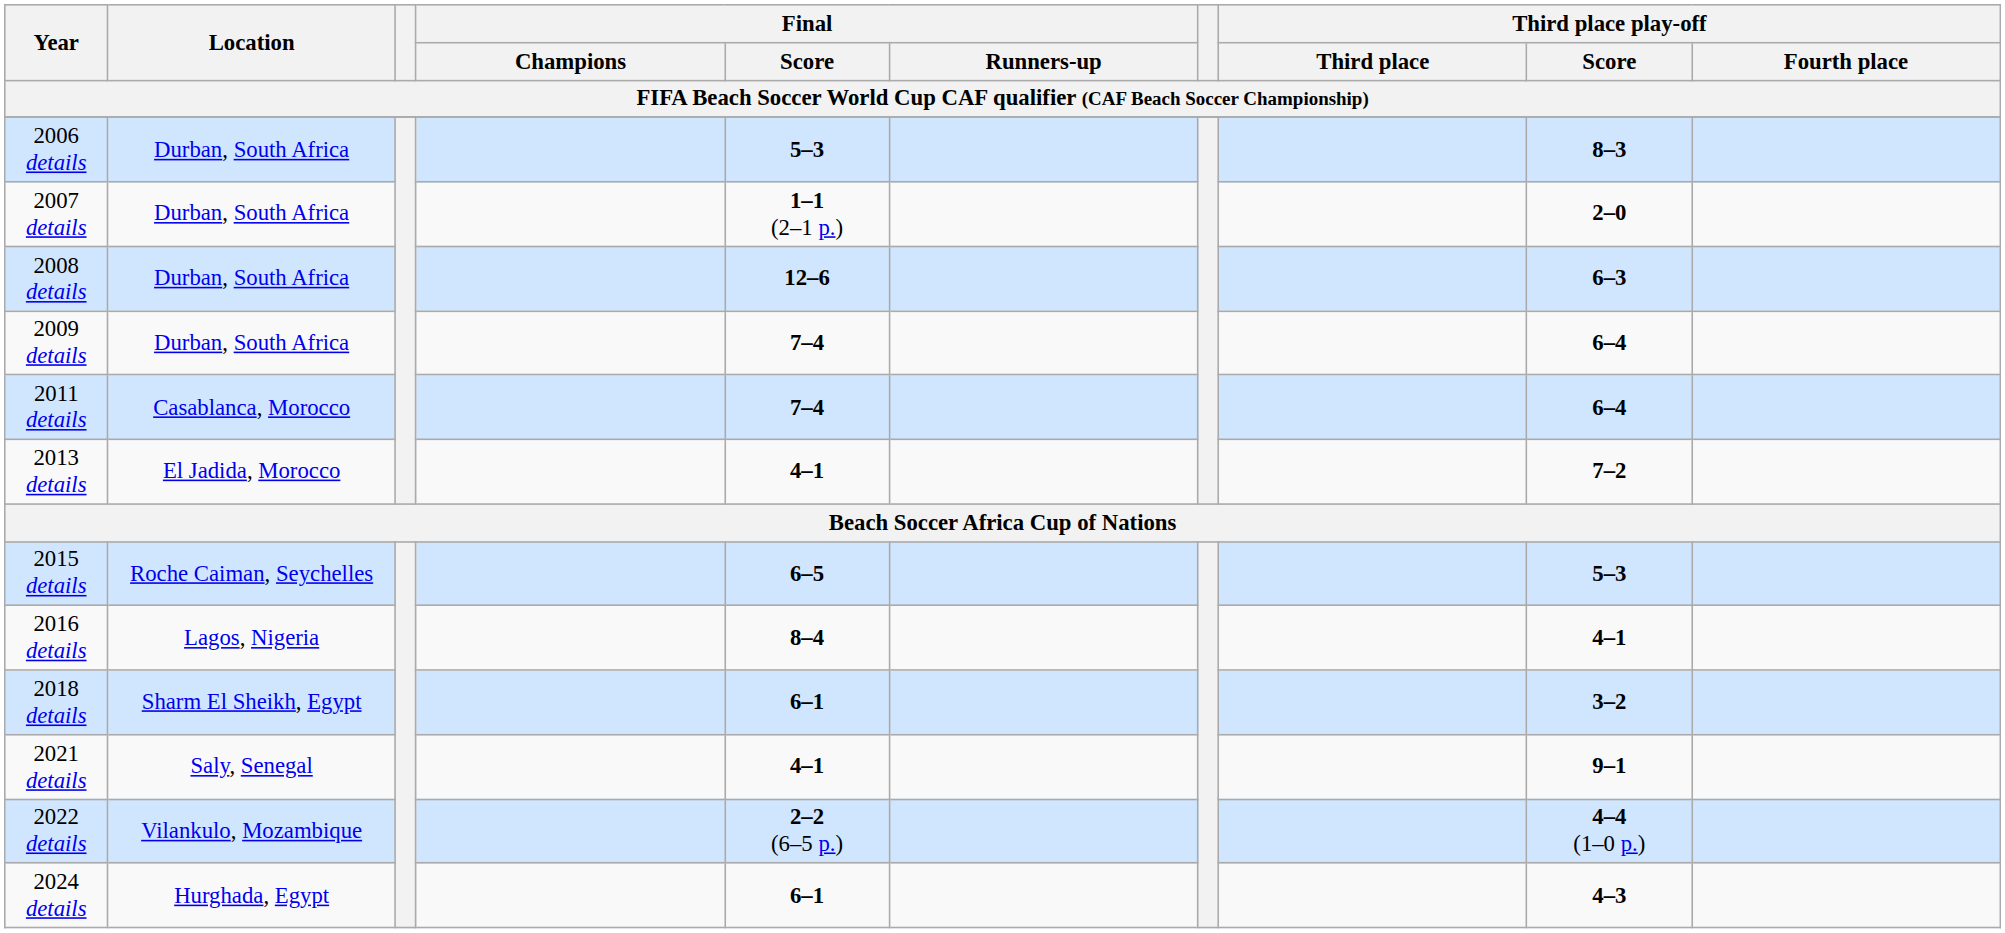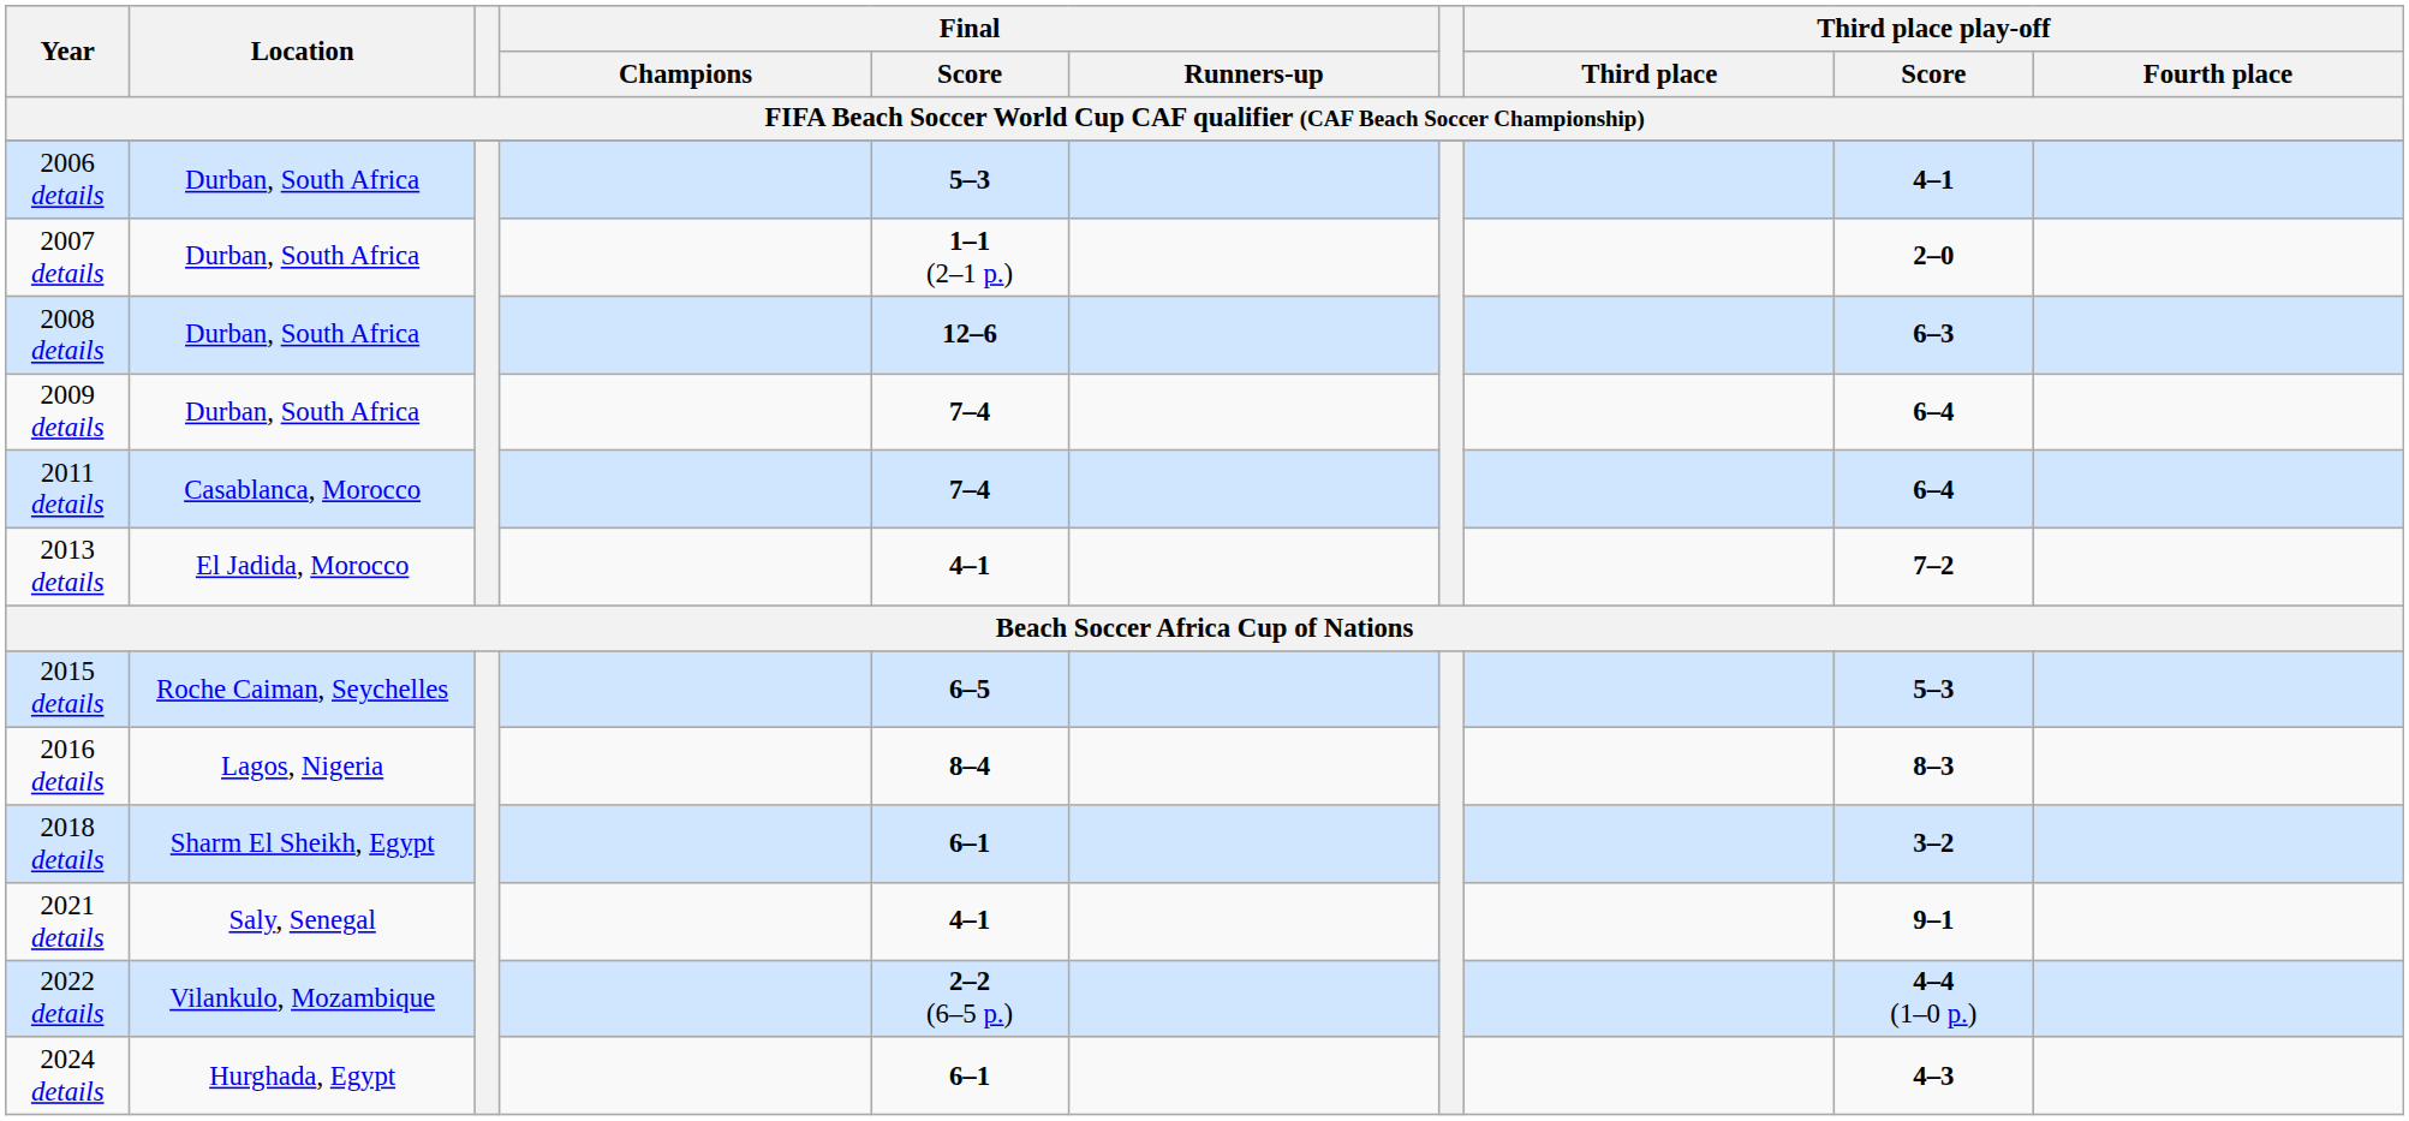 <table class="wikitable" style="font-size: 90%; text-align: center; width: 100%;">
 <tr>
 <th rowspan=2 width="5%">Year</th>
 <th rowspan=2 width="14%">Location</th>
 <th width = 1% rowspan=2></th>
 <th colspan=3>Final</th>
 <th width = 1% rowspan=2></th>
 <th colspan=3>Third place play-off</th>
 </tr>
 <tr>
 <th width="15%">Champions</th>
 <th width="8%">Score</th>
 <th width="15%">Runners-up</th>
 <th width="15%">Third place</th>
 <th width="8%">Score</th>
 <th width="15%">Fourth place</th>
 </tr>
 <tr>
 <th colspan=10>FIFA Beach Soccer World Cup CAF qualifier <small>(CAF Beach Soccer Championship)</small></th>
 </tr>
 <tr>
 </tr>
 <tr style="background:#d0e6ff;">
 <td>2006<br><em><a href='#'>details</a></em></td>
 <td> <a href='#'>Durban</a>, <a href='#'>South Africa</a></td>
 <th width = 1% rowspan=6></th>
 <td><strong></strong></td>
 <td><strong>5–3</strong></td>
 <td></td>
 <th width = 1% rowspan=6></th>
 <td></td>
-<td><strong>8–3</strong></td>
+<td><strong>4–1</strong></td>
 <td></td>
 </tr>
 <tr>
 <td>2007<br><em><a href='#'>details</a></em></td>
 <td> <a href='#'>Durban</a>, <a href='#'>South Africa</a></td>
 <td><strong></strong></td>
 <td><strong>1–1 </strong><br>(2–1 <a href='#'>p.</a>)</td>
 <td></td>
 <td></td>
 <td><strong>2–0</strong></td>
 <td></td>
 </tr>
 <tr style="background:#d0e6ff;">
 <td>2008<br><em><a href='#'>details</a></em></td>
 <td> <a href='#'>Durban</a>, <a href='#'>South Africa</a></td>
 <td><strong></strong></td>
 <td><strong>12–6</strong></td>
 <td></td>
 <td></td>
 <td><strong>6–3</strong></td>
 <td></td>
 </tr>
 <tr>
 <td>2009<br><em><a href='#'>details</a></em></td>
 <td> <a href='#'>Durban</a>, <a href='#'>South Africa</a></td>
 <td><strong></strong></td>
 <td><strong>7–4</strong></td>
 <td></td>
 <td></td>
 <td><strong>6–4</strong></td>
 <td></td>
 </tr>
 <tr style="background:#d0e6ff;">
 <td>2011<br><em><a href='#'>details</a></em></td>
 <td> <a href='#'>Casablanca</a>, <a href='#'>Morocco</a></td>
 <td><strong></strong></td>
 <td><strong>7–4</strong></td>
 <td></td>
 <td></td>
 <td><strong>6–4</strong></td>
 <td></td>
 </tr>
 <tr>
 <td>2013<br><em><a href='#'>details</a></em></td>
 <td> <a href='#'>El Jadida</a>, <a href='#'>Morocco</a></td>
 <td><strong></strong></td>
 <td><strong>4–1</strong></td>
 <td></td>
 <td></td>
 <td><strong>7–2</strong></td>
 <td></td>
 </tr>
 <tr>
 <th colspan=10>Beach Soccer Africa Cup of Nations</th>
 </tr>
 <tr style="background:#d0e6ff;">
 <td>2015<br><em><a href='#'>details</a></em></td>
 <td> <a href='#'>Roche Caiman</a>, <a href='#'>Seychelles</a></td>
 <th width = 1% rowspan=6></th>
 <td><strong></strong></td>
 <td><strong>6–5</strong></td>
 <td></td>
 <th width = 1% rowspan=6></th>
 <td></td>
 <td><strong>5–3</strong></td>
 <td></td>
 </tr>
 <tr>
 <td>2016<br><em><a href='#'>details</a></em></td>
 <td> <a href='#'>Lagos</a>, <a href='#'>Nigeria</a></td>
 <td><strong></strong></td>
 <td><strong>8–4</strong></td>
 <td></td>
 <td></td>
-<td><strong>4–1</strong></td>
+<td><strong>8–3</strong></td>
 <td></td>
 </tr>
 <tr style="background:#d0e6ff;">
 <td>2018<br><em><a href='#'>details</a></em></td>
 <td> <a href='#'>Sharm El Sheikh</a>, <a href='#'>Egypt</a></td>
 <td><strong></strong></td>
 <td><strong>6–1</strong></td>
 <td></td>
 <td></td>
 <td><strong>3–2</strong></td>
 <td></td>
 </tr>
 <tr>
 <td>2021<br><em><a href='#'>details</a></em></td>
 <td> <a href='#'>Saly</a>, <a href='#'>Senegal</a></td>
 <td><strong></strong></td>
 <td><strong>4–1</strong></td>
 <td></td>
 <td></td>
 <td><strong>9–1</strong></td>
 <td></td>
 </tr>
 <tr style="background:#d0e6ff;">
 <td>2022<br><em><a href='#'>details</a></em></td>
 <td> <a href='#'>Vilankulo</a>, <a href='#'>Mozambique</a></td>
 <td><strong></strong></td>
 <td><strong>2–2 </strong><br>(6–5 <a href='#'>p.</a>)</td>
 <td></td>
 <td></td>
 <td><strong>4–4 </strong><br>(1–0 <a href='#'>p.</a>)</td>
 <td></td>
 </tr>
 <tr>
 <td>2024<br><em><a href='#'>details</a></em></td>
 <td> <a href='#'>Hurghada</a>, <a href='#'>Egypt</a></td>
 <td></td>
 <td><strong>6–1</strong></td>
 <td></td>
 <td></td>
 <td><strong>4–3</strong></td>
 <td></td>
 </tr>
 </table>
